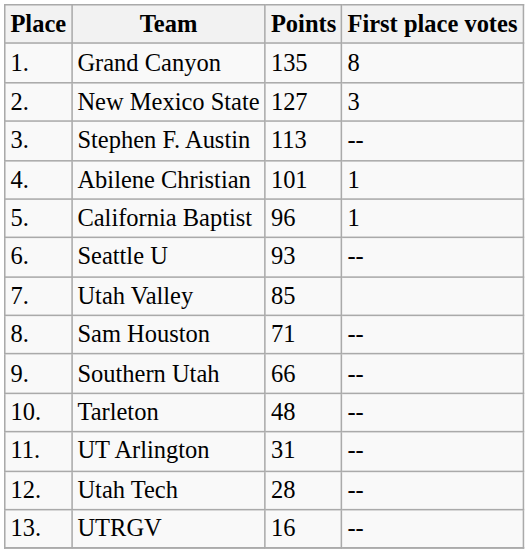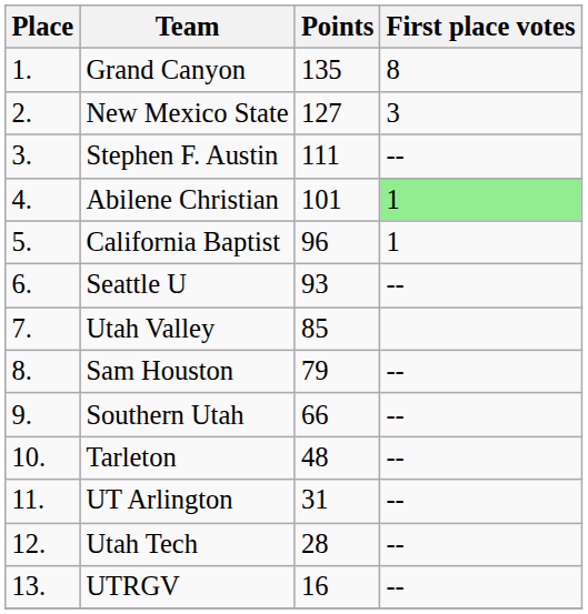 <table class="wikitable">
 <tr>
 <th>Place</th>
 <th>Team</th>
 <th>Points</th>
 <th>First place votes</th>
 </tr>
 <tr>
 <td>1.</td>
 <td>Grand Canyon</td>
 <td>135</td>
 <td>8</td>
 </tr>
 <tr>
 <td>2.</td>
 <td>New Mexico State</td>
 <td>127</td>
 <td>3</td>
 </tr>
 <tr>
 <td>3.</td>
 <td ! style=>Stephen F. Austin</td>
-<td>113</td>
+<td>111</td>
 <td>--</td>
 </tr>
 <tr>
 <td>4.</td>
 <td>Abilene Christian</td>
 <td>101</td>
-<td>1</td>
+<td style="background: lightgreen;">1</td>
 </tr>
 <tr>
 <td>5.</td>
 <td>California Baptist</td>
 <td>96</td>
 <td>1</td>
 </tr>
 <tr>
 <td>6.</td>
 <td ! style=>Seattle U</td>
 <td>93</td>
 <td>--</td>
 </tr>
 <tr>
 <td>7.</td>
 <td>Utah Valley</td>
 <td>85</td>
 <td></td>
 </tr>
 <tr>
 <td>8.</td>
 <td>Sam Houston</td>
-<td>71</td>
+<td>79</td>
 <td>--</td>
 </tr>
 <tr>
 <td>9.</td>
 <td>Southern Utah</td>
 <td>66</td>
 <td>--</td>
 </tr>
 <tr>
 <td>10.</td>
 <td>Tarleton</td>
 <td>48</td>
 <td>--</td>
 </tr>
 <tr>
 <td>11.</td>
 <td>UT Arlington</td>
 <td>31</td>
 <td>--</td>
 </tr>
 <tr>
 <td>12.</td>
 <td>Utah Tech</td>
 <td>28</td>
 <td>--</td>
 </tr>
 <tr>
 <td>13.</td>
 <td>UTRGV</td>
 <td>16</td>
 <td>--</td>
 </tr>
 <tr>
 </tr>
 </table>
